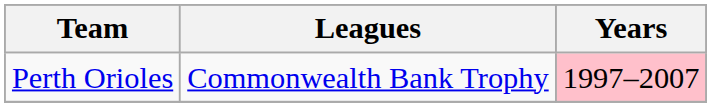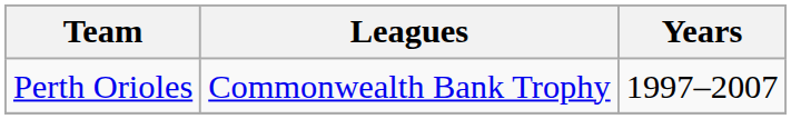 <table class="wikitable collapsible">
 <tr>
 <th>Team</th>
 <th>Leagues</th>
 <th>Years</th>
 </tr>
 <tr>
 <td><a href='#'>Perth Orioles</a></td>
 <td><a href='#'>Commonwealth Bank Trophy</a></td>
-<td style="background: pink;">1997–2007</td>
+<td>1997–2007</td>
 </tr>
 <tr>
 </tr>
 </table>
